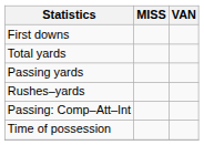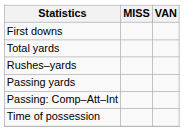 <table class="wikitable" style="float: left;">
 <tr>
 <th>Statistics</th>
 <th>MISS</th>
 <th>VAN</th>
 </tr>
 <tr>
 <td>First downs</td>
 <td></td>
 <td></td>
 </tr>
 <tr>
 <td>Total yards</td>
 <td></td>
 <td></td>
 </tr>
 <tr>
-<td>Passing yards</td>
+<td>Rushes–yards</td>
 <td></td>
 <td></td>
 </tr>
 <tr>
-<td>Rushes–yards</td>
+<td>Passing yards</td>
 <td></td>
 <td></td>
 </tr>
 <tr>
 <td>Passing: Comp–Att–Int</td>
 <td></td>
 <td></td>
 </tr>
 <tr>
 <td>Time of possession</td>
 <td></td>
 <td></td>
 </tr>
 <tr>
 </tr>
 </table>
